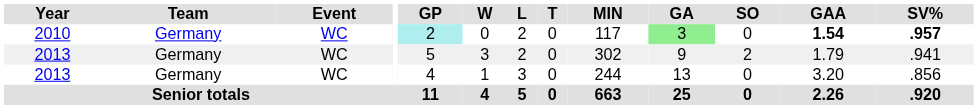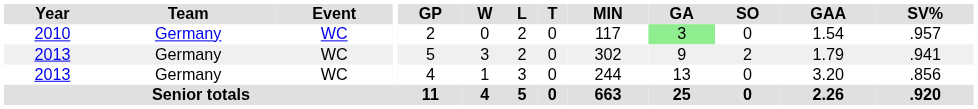 <table border="0" cellpadding="1" cellspacing="0" ID="Table3" style="text-align:center; width:60em">
 <tr ALIGN="center" bgcolor="#e0e0e0">
 <th>Year</th>
 <th>Team</th>
 <th>Event</th>
 <th rowspan="99" bgcolor="#ffffff"></th>
 <th>GP</th>
 <th>W</th>
 <th>L</th>
 <th>T</th>
 <th>MIN</th>
 <th>GA</th>
 <th>SO</th>
 <th>GAA</th>
 <th>SV%</th>
 </tr>
 <tr>
 <td><a href='#'>2010</a></td>
 <td><a href='#'>Germany</a></td>
 <td><a href='#'>WC</a></td>
-<td style="background: paleturquoise;">2</td>
+<td>2</td>
 <td>0</td>
 <td>2</td>
 <td>0</td>
 <td>117</td>
 <td style="background: lightgreen;">3</td>
 <td>0</td>
-<td><strong>1.54</strong></td>
-<td><strong>.957</strong></td>
+<td>1.54</td>
+<td>.957</td>
 </tr>
 <tr bgcolor="#f0f0f0">
 <td><a href='#'>2013</a></td>
 <td>Germany</td>
 <td>WC</td>
 <td>5</td>
 <td>3</td>
 <td>2</td>
 <td>0</td>
 <td>302</td>
 <td>9</td>
 <td>2</td>
 <td>1.79</td>
 <td>.941</td>
 </tr>
 <tr>
 <td><a href='#'>2013</a></td>
 <td>Germany</td>
 <td>WC</td>
 <td>4</td>
 <td>1</td>
 <td>3</td>
 <td>0</td>
 <td>244</td>
 <td>13</td>
 <td>0</td>
 <td>3.20</td>
 <td>.856</td>
 </tr>
 <tr bgcolor="#e0e0e0">
 <th colspan=4>Senior totals</th>
 <th>11</th>
 <th>4</th>
 <th>5</th>
 <th>0</th>
 <th>663</th>
 <th>25</th>
 <th>0</th>
 <th>2.26</th>
 <th>.920</th>
 </tr>
 </table>
